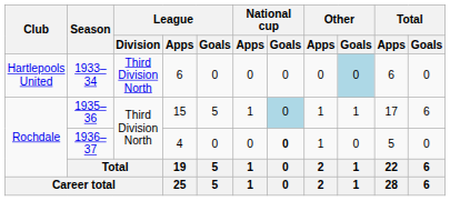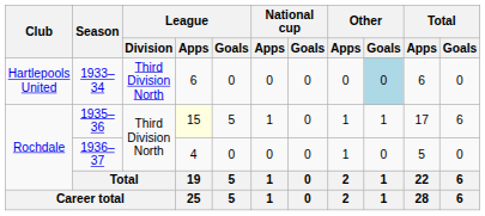 <table class="wikitable" style="text-align: center;">
 <tr>
 <th rowspan="2">Club</th>
 <th rowspan="2">Season</th>
 <th colspan="3">League</th>
 <th colspan="2">National cup</th>
 <th colspan="2">Other</th>
 <th colspan="2">Total</th>
 </tr>
 <tr>
 <th>Division</th>
 <th>Apps</th>
 <th>Goals</th>
 <th>Apps</th>
 <th>Goals</th>
 <th>Apps</th>
 <th>Goals</th>
 <th>Apps</th>
 <th>Goals</th>
 </tr>
 <tr>
 <td><a href='#'>Hartlepools United</a></td>
 <td><a href='#'>1933–34</a></td>
 <td><a href='#'>Third Division North</a></td>
 <td>6</td>
 <td>0</td>
 <td>0</td>
 <td>0</td>
 <td>0</td>
 <td style="background: lightblue;">0</td>
 <td>6</td>
 <td>0</td>
 </tr>
 <tr>
 <td rowspan="3"><a href='#'>Rochdale</a></td>
 <td><a href='#'>1935–36</a></td>
 <td rowspan="2">Third Division North</td>
-<td>15</td>
+<td style="background: lightyellow;">15</td>
 <td>5</td>
 <td>1</td>
-<td style="background: lightblue;">0</td>
+<td>0</td>
 <td>1</td>
 <td>1</td>
 <td>17</td>
 <td>6</td>
 </tr>
 <tr>
 <td><a href='#'>1936–37</a></td>
 <td>4</td>
 <td>0</td>
 <td>0</td>
-<td><strong>0</strong></td>
+<td>0</td>
 <td>1</td>
 <td>0</td>
 <td>5</td>
 <td>0</td>
 </tr>
 <tr>
 <th colspan="2">Total</th>
 <th>19</th>
 <th>5</th>
 <th>1</th>
 <th>0</th>
 <th>2</th>
 <th>1</th>
 <th>22</th>
 <th>6</th>
 </tr>
 <tr>
 <th colspan="3">Career total</th>
 <th>25</th>
 <th>5</th>
 <th>1</th>
 <th>0</th>
 <th>2</th>
 <th>1</th>
 <th>28</th>
 <th>6</th>
 </tr>
 </table>
